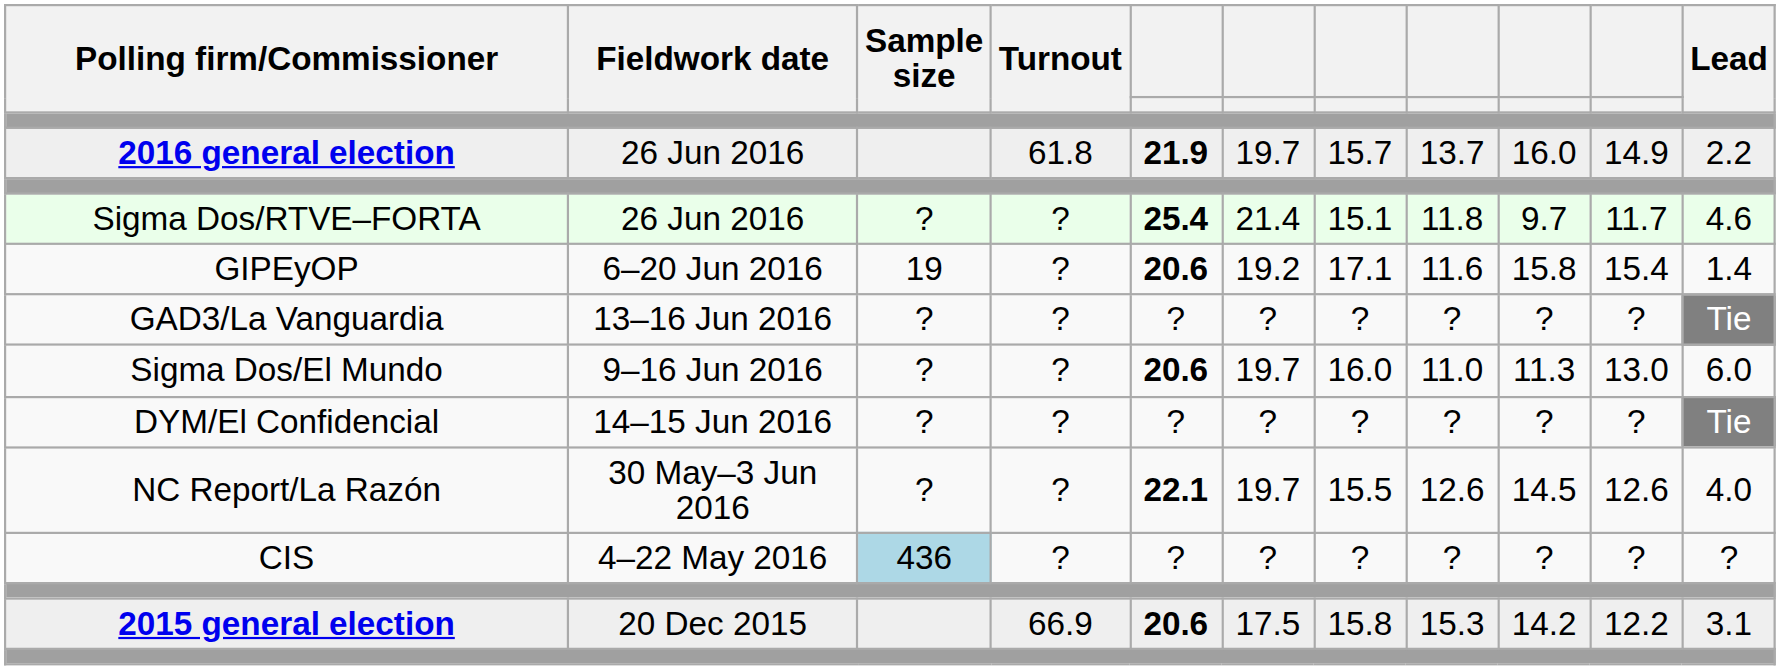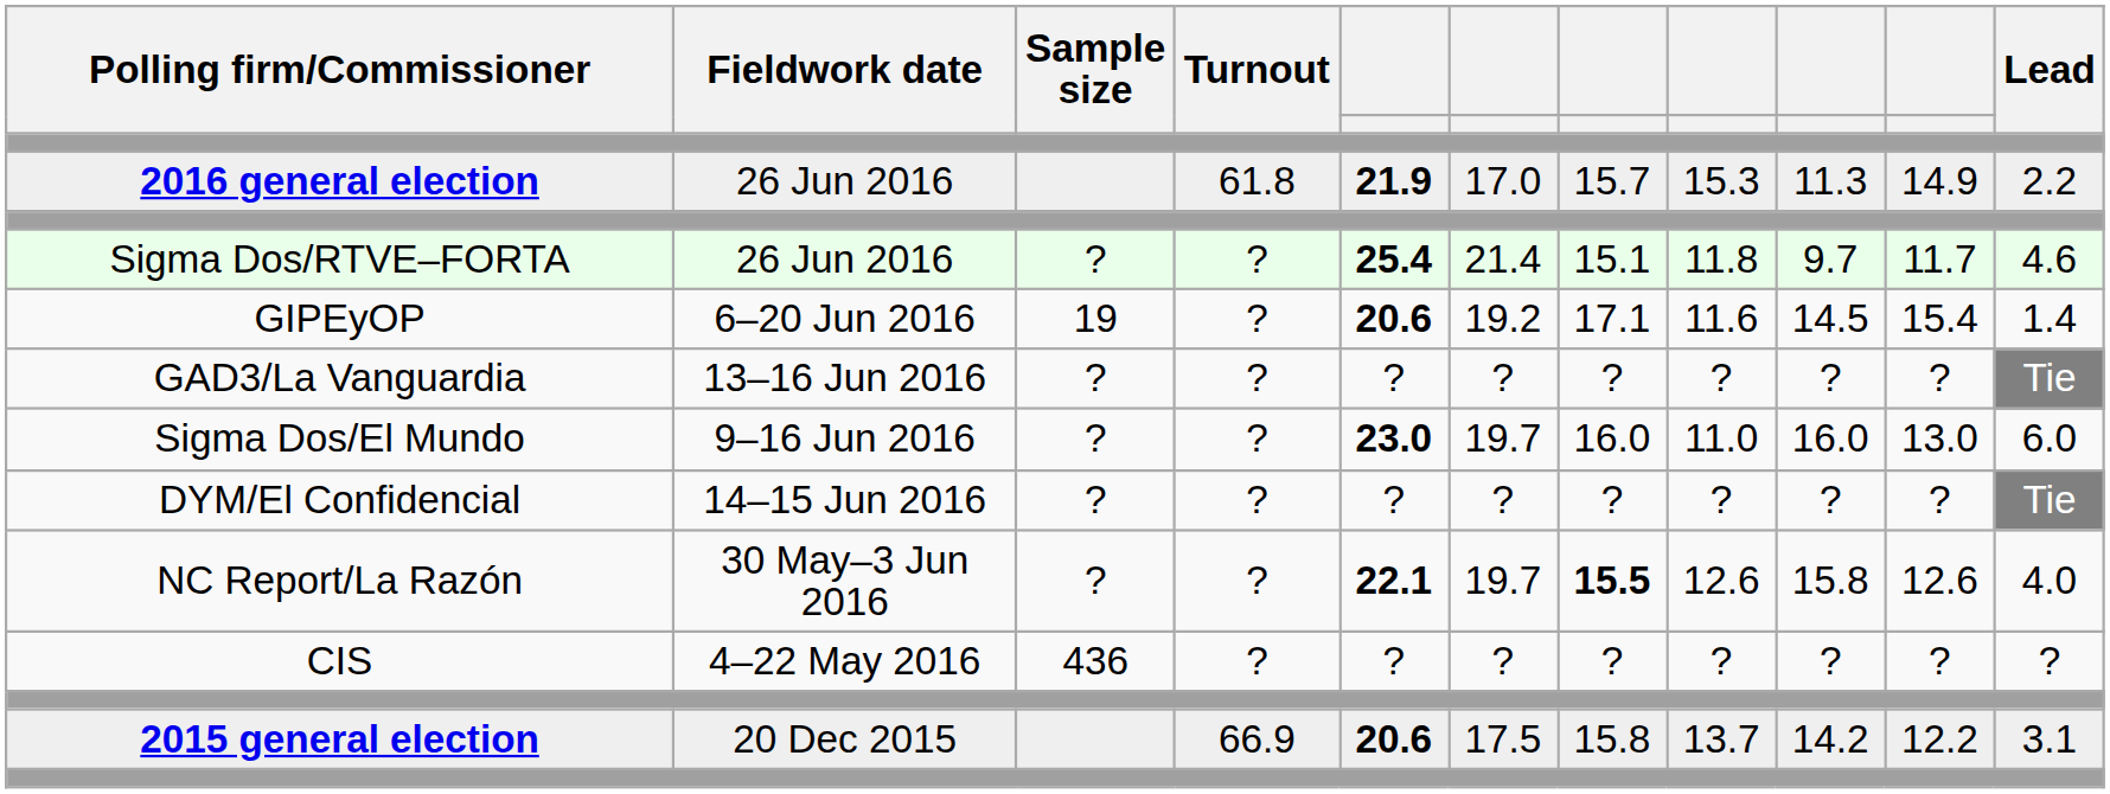 <table class="wikitable collapsible collapsed" style="text-align:center; font-size:95%; line-height:16px;">
 <tr style="height:42px; background-color:#E9E9E9">
 <th style="width:250px;" rowspan="2">Polling firm/Commissioner</th>
 <th style="width:125px;" rowspan="2">Fieldwork date</th>
 <th style="width:50px;" rowspan="2">Sample size</th>
 <th style="width:45px;" rowspan="2">Turnout</th>
 <th style="width:35px;"></th>
 <th style="width:35px;"></th>
 <th style="width:35px;"></th>
 <th style="width:35px;"><br></th>
 <th style="width:35px;"></th>
 <th style="width:35px;"></th>
 <th style="width:30px;" rowspan="2">Lead</th>
 </tr>
 <tr>
 <th style="color:inherit;background:"></th>
 <th style="color:inherit;background:"></th>
 <th style="color:inherit;background:"></th>
 <th style="color:inherit;background:"></th>
 <th style="color:inherit;background:"></th>
 <th style="color:inherit;background:"></th>
 </tr>
 <tr>
 <td colspan="12" style="background:#A0A0A0"></td>
 </tr>
 <tr style="background:#EFEFEF;">
 <td><strong><a href='#'>2016 general election</a></strong></td>
 <td>26 Jun 2016</td>
 <td></td>
 <td>61.8</td>
 <td><strong>21.9</strong><br></td>
-<td>19.7<br></td>
+<td>17.0<br></td>
 <td>15.7<br></td>
-<td>13.7<br></td>
-<td>16.0<br></td>
+<td>15.3<br></td>
+<td>11.3<br></td>
 <td>14.9<br></td>
 <td style="background:">2.2</td>
 </tr>
 <tr>
 <td colspan="12" style="background:#A0A0A0"></td>
 </tr>
 <tr style="background:#EAFFEA;">
 <td>Sigma Dos/RTVE–FORTA</td>
 <td>26 Jun 2016</td>
 <td>?</td>
 <td>?</td>
 <td><strong>25.4</strong><br></td>
 <td>21.4<br></td>
 <td>15.1<br></td>
 <td>11.8<br></td>
 <td>9.7<br></td>
 <td>11.7<br></td>
 <td style="background:">4.6</td>
 </tr>
 <tr>
 <td>GIPEyOP</td>
 <td>6–20 Jun 2016</td>
 <td>19</td>
 <td>?</td>
 <td><strong>20.6</strong><br></td>
 <td>19.2<br></td>
 <td>17.1<br></td>
 <td>11.6<br></td>
-<td>15.8<br></td>
+<td>14.5<br></td>
 <td>15.4<br></td>
 <td style="background:">1.4</td>
 </tr>
 <tr>
 <td>GAD3/La Vanguardia</td>
 <td>13–16 Jun 2016</td>
 <td>?</td>
 <td>?</td>
 <td>?<br></td>
 <td>?<br></td>
 <td>?<br></td>
 <td>?<br></td>
 <td>?<br></td>
 <td>?<br></td>
 <td style="background:gray;color:white;">Tie</td>
 </tr>
 <tr>
 <td>Sigma Dos/El Mundo</td>
 <td>9–16 Jun 2016</td>
 <td>?</td>
 <td>?</td>
-<td><strong>20.6</strong><br></td>
+<td><strong>23.0</strong><br></td>
 <td>19.7<br></td>
 <td>16.0<br></td>
 <td>11.0<br></td>
-<td>11.3<br></td>
+<td>16.0<br></td>
 <td>13.0<br></td>
 <td style="background:">6.0</td>
 </tr>
 <tr>
 <td>DYM/El Confidencial</td>
 <td>14–15 Jun 2016</td>
 <td>?</td>
 <td>?</td>
 <td>?<br></td>
 <td>?<br></td>
 <td>?<br></td>
 <td>?<br></td>
 <td>?<br></td>
 <td>?<br></td>
 <td style="background:gray;color:white;">Tie</td>
 </tr>
 <tr>
 <td>NC Report/La Razón</td>
 <td>30 May–3 Jun 2016</td>
 <td>?</td>
 <td>?</td>
 <td><strong>22.1</strong><br></td>
 <td>19.7<br></td>
-<td>15.5<br></td>
+<td><strong>15.5<br></strong></td>
 <td>12.6<br></td>
-<td>14.5<br></td>
+<td>15.8<br></td>
 <td>12.6<br></td>
 <td style="background:">4.0</td>
 </tr>
 <tr>
 <td>CIS</td>
 <td>4–22 May 2016</td>
-<td style="background: lightblue;">436</td>
+<td>436</td>
 <td>?</td>
 <td>?<br></td>
 <td>?<br></td>
 <td>?<br></td>
 <td>?<br></td>
 <td>?<br></td>
 <td>?<br></td>
 <td style="background:">?</td>
 </tr>
 <tr>
 <td colspan="12" style="background:#A0A0A0"></td>
 </tr>
 <tr style="background:#EFEFEF;">
 <td><strong><a href='#'>2015 general election</a></strong></td>
 <td>20 Dec 2015</td>
 <td></td>
 <td>66.9</td>
 <td><strong>20.6</strong><br></td>
 <td>17.5<br></td>
 <td>15.8<br></td>
-<td>15.3<br></td>
+<td>13.7<br></td>
 <td>14.2<br></td>
 <td>12.2<br></td>
 <td style="background:">3.1</td>
 </tr>
 <tr>
 <td colspan="12" style="background:#A0A0A0"></td>
 </tr>
 </table>
